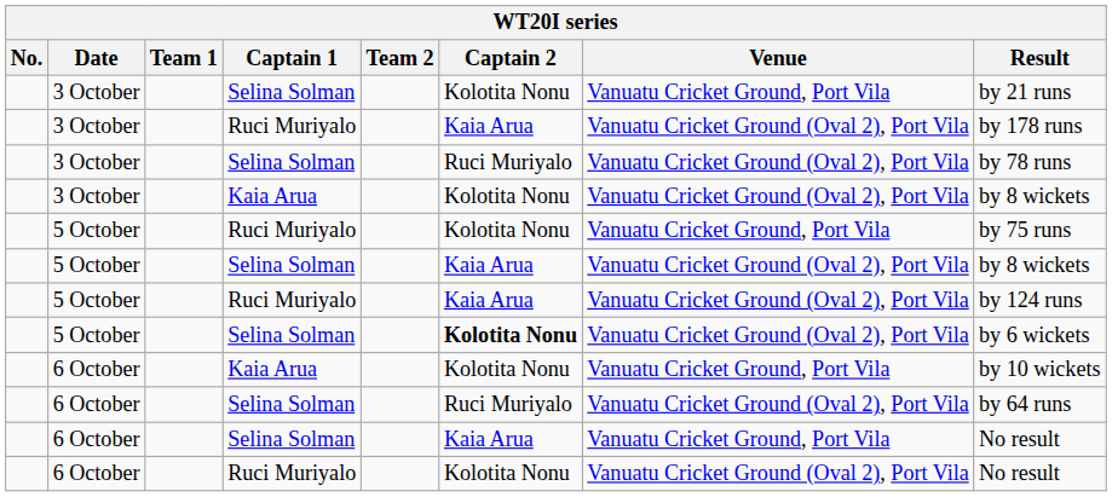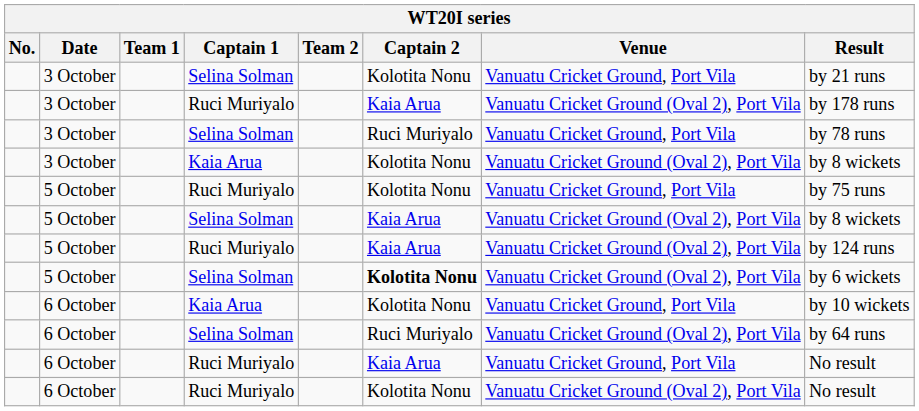 <table class="wikitable">
 <tr>
 <th colspan="8">WT20I series</th>
 </tr>
 <tr>
 <th>No.</th>
 <th>Date</th>
 <th>Team 1</th>
 <th>Captain 1</th>
 <th>Team 2</th>
 <th>Captain 2</th>
 <th>Venue</th>
 <th>Result</th>
 </tr>
 <tr>
 <td></td>
 <td>3 October</td>
 <td></td>
 <td><a href='#'>Selina Solman</a></td>
 <td></td>
 <td>Kolotita Nonu</td>
 <td><a href='#'>Vanuatu Cricket Ground</a>, <a href='#'>Port Vila</a></td>
 <td> by 21 runs</td>
 </tr>
 <tr>
 <td></td>
 <td>3 October</td>
 <td></td>
 <td>Ruci Muriyalo</td>
 <td></td>
 <td><a href='#'>Kaia Arua</a></td>
 <td><a href='#'>Vanuatu Cricket Ground (Oval 2)</a>, <a href='#'>Port Vila</a></td>
 <td> by 178 runs</td>
 </tr>
 <tr>
 <td></td>
 <td>3 October</td>
 <td></td>
 <td><a href='#'>Selina Solman</a></td>
 <td></td>
 <td>Ruci Muriyalo</td>
-<td><a href='#'>Vanuatu Cricket Ground (Oval 2)</a>, <a href='#'>Port Vila</a></td>
+<td><a href='#'>Vanuatu Cricket Ground</a>, <a href='#'>Port Vila</a></td>
 <td> by 78 runs</td>
 </tr>
 <tr>
 <td></td>
 <td>3 October</td>
 <td></td>
 <td><a href='#'>Kaia Arua</a></td>
 <td></td>
 <td>Kolotita Nonu</td>
 <td><a href='#'>Vanuatu Cricket Ground (Oval 2)</a>, <a href='#'>Port Vila</a></td>
 <td> by 8 wickets</td>
 </tr>
 <tr>
 <td></td>
 <td>5 October</td>
 <td></td>
 <td>Ruci Muriyalo</td>
 <td></td>
 <td>Kolotita Nonu</td>
 <td><a href='#'>Vanuatu Cricket Ground</a>, <a href='#'>Port Vila</a></td>
 <td> by 75 runs</td>
 </tr>
 <tr>
 <td></td>
 <td>5 October</td>
 <td></td>
 <td><a href='#'>Selina Solman</a></td>
 <td></td>
 <td><a href='#'>Kaia Arua</a></td>
 <td><a href='#'>Vanuatu Cricket Ground (Oval 2)</a>, <a href='#'>Port Vila</a></td>
 <td> by 8 wickets</td>
 </tr>
 <tr>
 <td></td>
 <td>5 October</td>
 <td></td>
 <td>Ruci Muriyalo</td>
 <td></td>
 <td><a href='#'>Kaia Arua</a></td>
 <td><a href='#'>Vanuatu Cricket Ground (Oval 2)</a>, <a href='#'>Port Vila</a></td>
 <td> by 124 runs</td>
 </tr>
 <tr>
 <td></td>
 <td>5 October</td>
 <td></td>
 <td><a href='#'>Selina Solman</a></td>
 <td></td>
 <td><strong>Kolotita Nonu</strong></td>
 <td><a href='#'>Vanuatu Cricket Ground (Oval 2)</a>, <a href='#'>Port Vila</a></td>
 <td> by 6 wickets</td>
 </tr>
 <tr>
 <td></td>
 <td>6 October</td>
 <td></td>
 <td><a href='#'>Kaia Arua</a></td>
 <td></td>
 <td>Kolotita Nonu</td>
 <td><a href='#'>Vanuatu Cricket Ground</a>, <a href='#'>Port Vila</a></td>
 <td> by 10 wickets</td>
 </tr>
 <tr>
 <td></td>
 <td>6 October</td>
 <td></td>
 <td><a href='#'>Selina Solman</a></td>
 <td></td>
 <td>Ruci Muriyalo</td>
 <td><a href='#'>Vanuatu Cricket Ground (Oval 2)</a>, <a href='#'>Port Vila</a></td>
 <td> by 64 runs</td>
 </tr>
 <tr>
 <td></td>
 <td>6 October</td>
 <td></td>
-<td><a href='#'>Selina Solman</a></td>
+<td>Ruci Muriyalo</td>
 <td></td>
 <td><a href='#'>Kaia Arua</a></td>
 <td><a href='#'>Vanuatu Cricket Ground</a>, <a href='#'>Port Vila</a></td>
 <td>No result</td>
 </tr>
 <tr>
 <td></td>
 <td>6 October</td>
 <td></td>
 <td>Ruci Muriyalo</td>
 <td></td>
 <td>Kolotita Nonu</td>
 <td><a href='#'>Vanuatu Cricket Ground (Oval 2)</a>, <a href='#'>Port Vila</a></td>
 <td>No result</td>
 </tr>
 </table>
